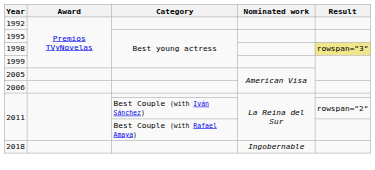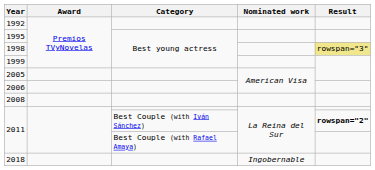 <table class="wikitable">
 <tr>
 <th>Year</th>
 <th>Award</th>
 <th>Category</th>
 <th class="unsortable">Nominated work</th>
 <th>Result</th>
 </tr>
 <tr>
 <td>1992</td>
 <td rowspan=4 style="text-align:center;"><a href='#'>Premios TVyNovelas</a></td>
 <td></td>
 <td></td>
 <td></td>
 </tr>
 <tr>
 <td>1995</td>
 <td rowspan=3 style="text-align:center;">Best young actress</td>
 <td></td>
 <td></td>
 </tr>
 <tr>
 <td>1998</td>
 <td></td>
 <td style="background: khaki;">rowspan="3" </td>
 </tr>
 <tr>
 <td>1999</td>
 <td></td>
 </tr>
 <tr>
 <td>2005</td>
 <td></td>
 <td></td>
 <td rowspan=2 style="text-align:center;"><em>American Visa</em></td>
 </tr>
 <tr>
 <td>2006</td>
 <td></td>
 <td></td>
 <td></td>
 </tr>
 <tr>
+<td>2008</td>
+<td></td>
+<td></td>
+<td></td>
+<td></td>
+</tr>
+<tr>
 <td rowspan=3>2011</td>
 <td rowspan=3></td>
 <td></td>
 <td rowspan=3 style="text-align:center;"><em>La Reina del Sur</em></td>
 <td></td>
 </tr>
 <tr>
 <td>Best Couple <small>(with <a href='#'>Iván Sánchez</a>)</small></td>
-<td>rowspan="2" </td>
+<td><strong>rowspan="2" </strong></td>
 </tr>
 <tr>
 <td>Best Couple <small>(with <a href='#'>Rafael Amaya</a>)</small></td>
 </tr>
 <tr>
 <td>2018</td>
 <td></td>
 <td></td>
 <td rowspan=2 style="text-align:center;"><em>Ingobernable</em></td>
 <td></td>
 </tr>
 </table>
